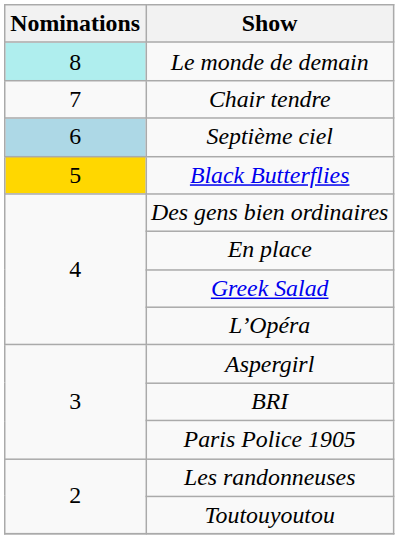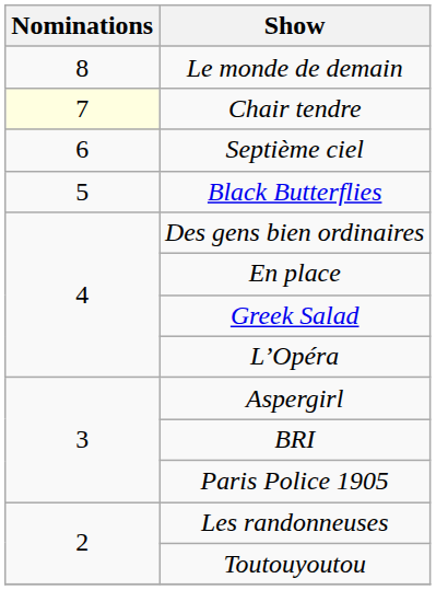 <table class="wikitable sortable" style="text-align: center; max-width:29em">
 <tr>
 <th scope="col">Nominations</th>
 <th scope="col">Show</th>
 </tr>
 <tr>
-<td scope="row" rowspan="1" style="background: paleturquoise;">8</td>
+<td scope="row" rowspan="1">8</td>
 <td><em>Le monde de demain</em></td>
 </tr>
 <tr>
-<td scope="row" rowspan="1">7</td>
+<td scope="row" rowspan="1" style="background: lightyellow;">7</td>
 <td><em>Chair tendre</em></td>
 </tr>
 <tr>
-<td scope="row" rowspan="1" style="background: lightblue;">6</td>
+<td scope="row" rowspan="1">6</td>
 <td><em>Septième ciel</em></td>
 </tr>
 <tr>
-<td scope="row" rowspan="1" style="background: gold;">5</td>
+<td scope="row" rowspan="1">5</td>
 <td><em><a href='#'>Black Butterflies</a></em></td>
 </tr>
 <tr>
 <td scope="row" rowspan="4">4</td>
 <td><em>Des gens bien ordinaires</em></td>
 </tr>
 <tr>
 <td><em>En place</em></td>
 </tr>
 <tr>
 <td><em><a href='#'>Greek Salad</a></em></td>
 </tr>
 <tr>
 <td><em>L’Opéra</em></td>
 </tr>
 <tr>
 <td scope="row" rowspan="3">3</td>
 <td><em>Aspergirl</em></td>
 </tr>
 <tr>
 <td><em>BRI</em></td>
 </tr>
 <tr>
 <td><em>Paris Police 1905</em></td>
 </tr>
 <tr>
 <td scope="row" rowspan="2">2</td>
 <td><em>Les randonneuses</em></td>
 </tr>
 <tr>
 <td><em>Toutouyoutou</em></td>
 </tr>
 <tr>
 </tr>
 </table>
